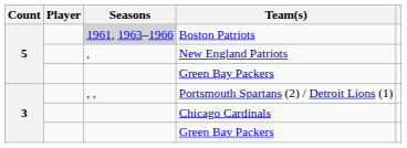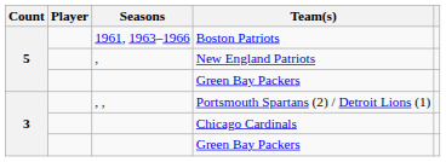 <table class="sortable wikitable">
 <tr>
 <th scope=col>Count</th>
 <th scope=col>Player</th>
 <th scope=col class= "unsortable">Seasons</th>
 <th scope=col class= "unsortable">Team(s)</th>
 <th scope=col class= "unsortable"></th>
 </tr>
 <tr>
 <th scope=rowgroup rowspan=3>5</th>
 <td></td>
-<td style="background: lightgrey;"><a href='#'>1961</a>, <a href='#'>1963</a>–<a href='#'>1966</a></td>
+<td><a href='#'>1961</a>, <a href='#'>1963</a>–<a href='#'>1966</a></td>
 <td><a href='#'>Boston Patriots</a></td>
 <td></td>
 </tr>
 <tr>
 <td></td>
 <td>, </td>
 <td><a href='#'>New England Patriots</a></td>
 <td></td>
 </tr>
 <tr>
 <td></td>
 <td></td>
 <td><a href='#'>Green Bay Packers</a></td>
 <td></td>
 </tr>
 <tr>
 <th scope=rowgroup rowspan=3>3</th>
 <td></td>
 <td>, , </td>
 <td><a href='#'>Portsmouth Spartans</a> (2) / <a href='#'>Detroit Lions</a> (1)</td>
 <td></td>
 </tr>
 <tr>
 <td></td>
 <td></td>
 <td><a href='#'>Chicago Cardinals</a></td>
 <td></td>
 </tr>
 <tr>
 <td></td>
 <td></td>
 <td><a href='#'>Green Bay Packers</a></td>
 <td></td>
 </tr>
 </table>
